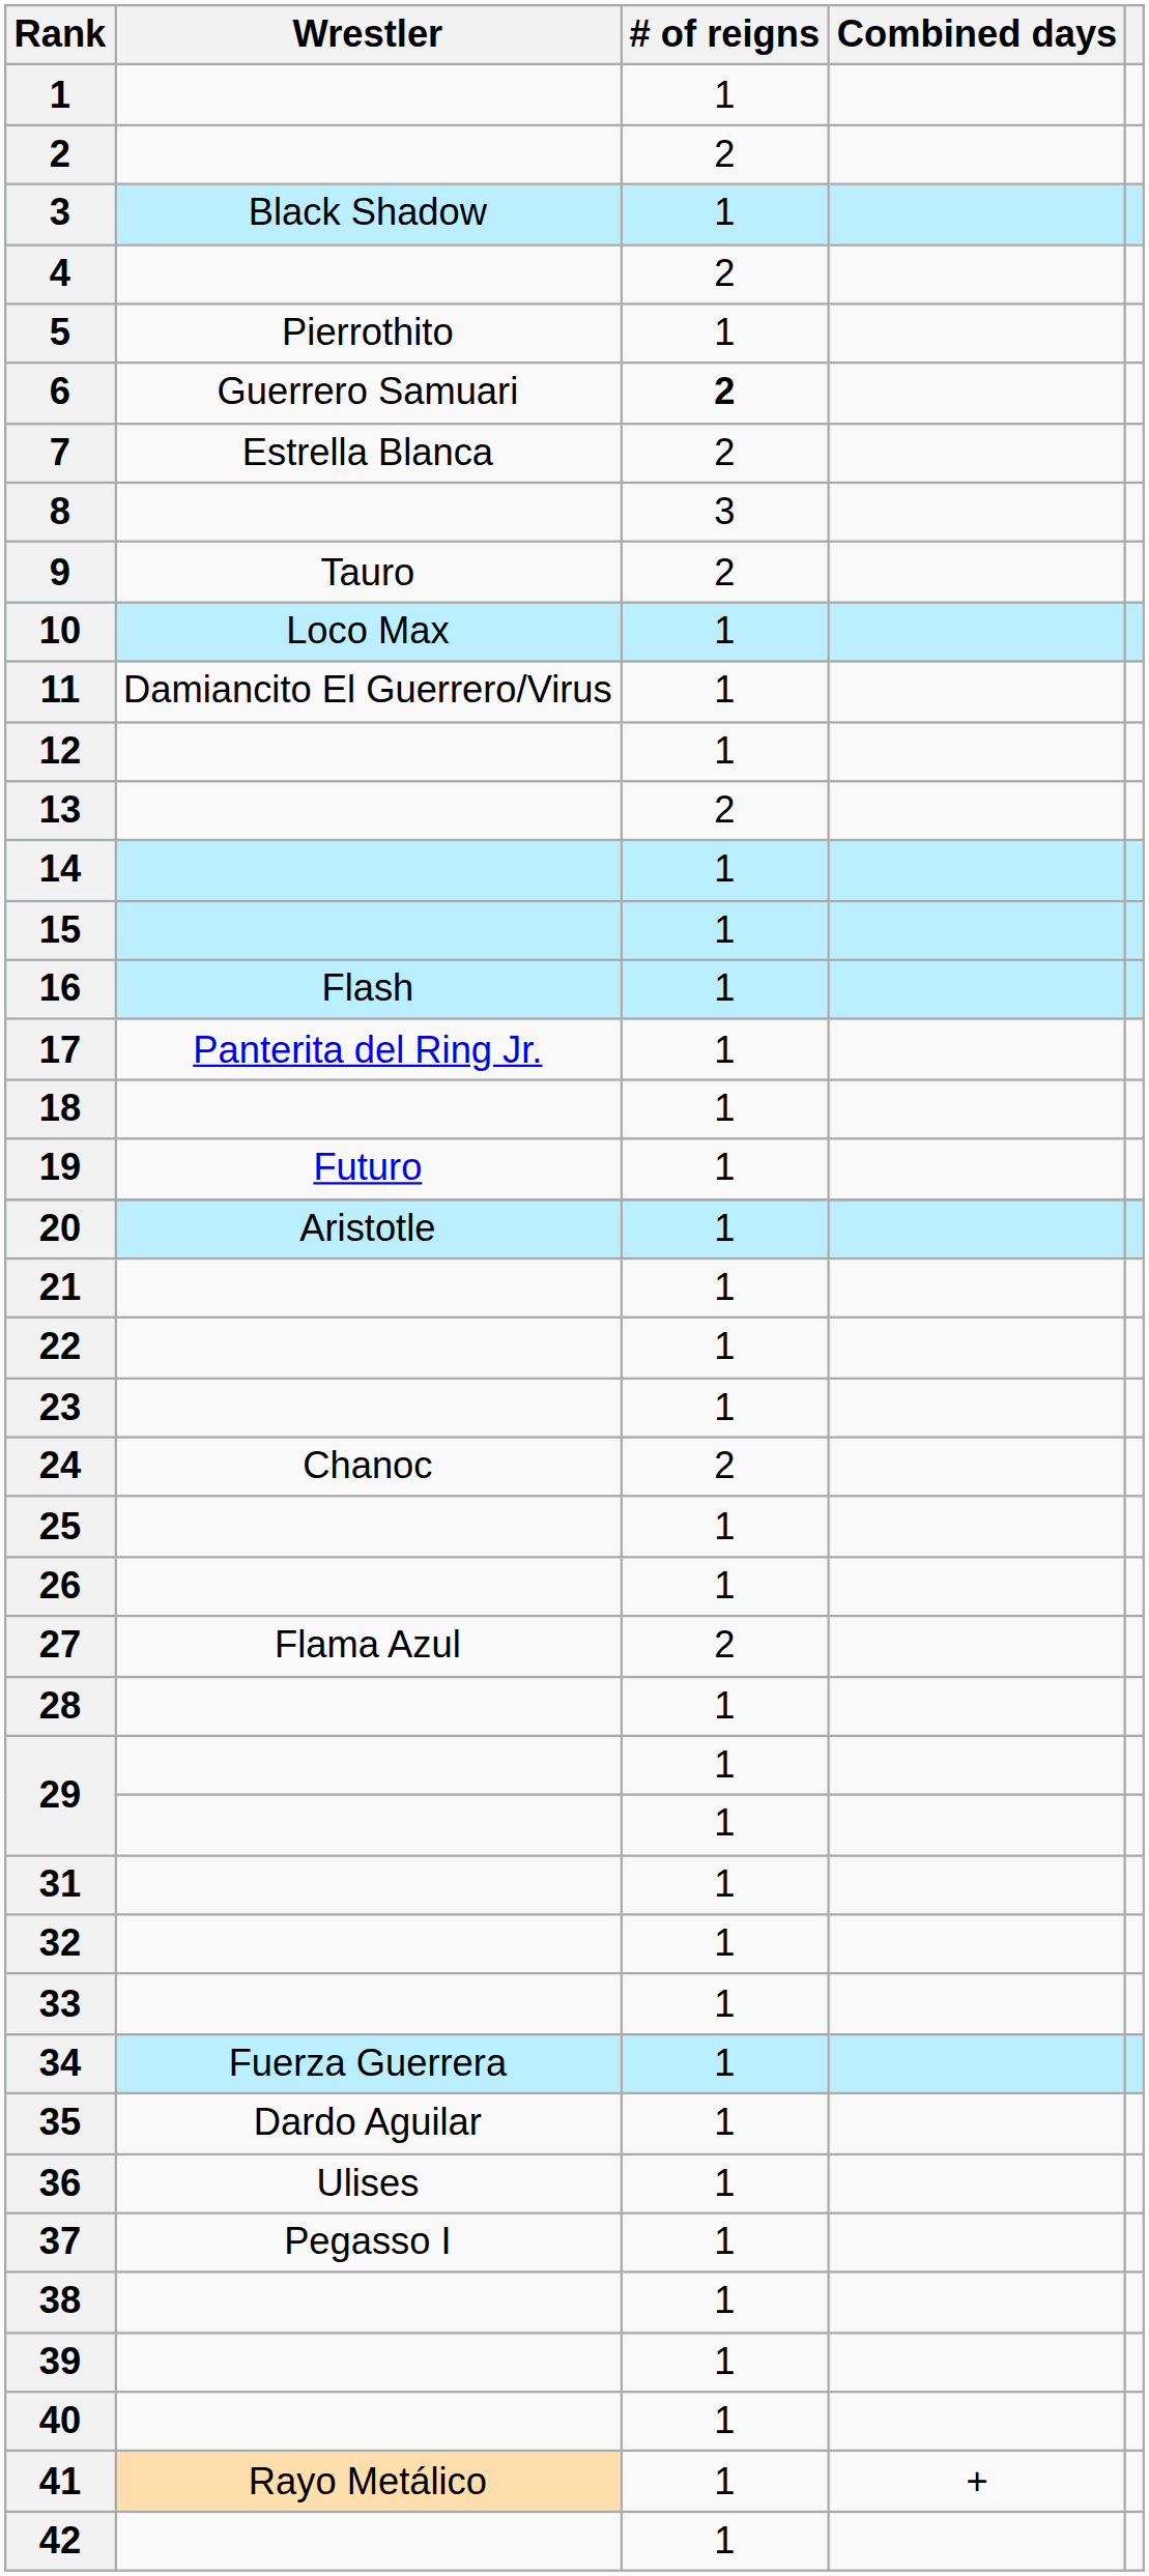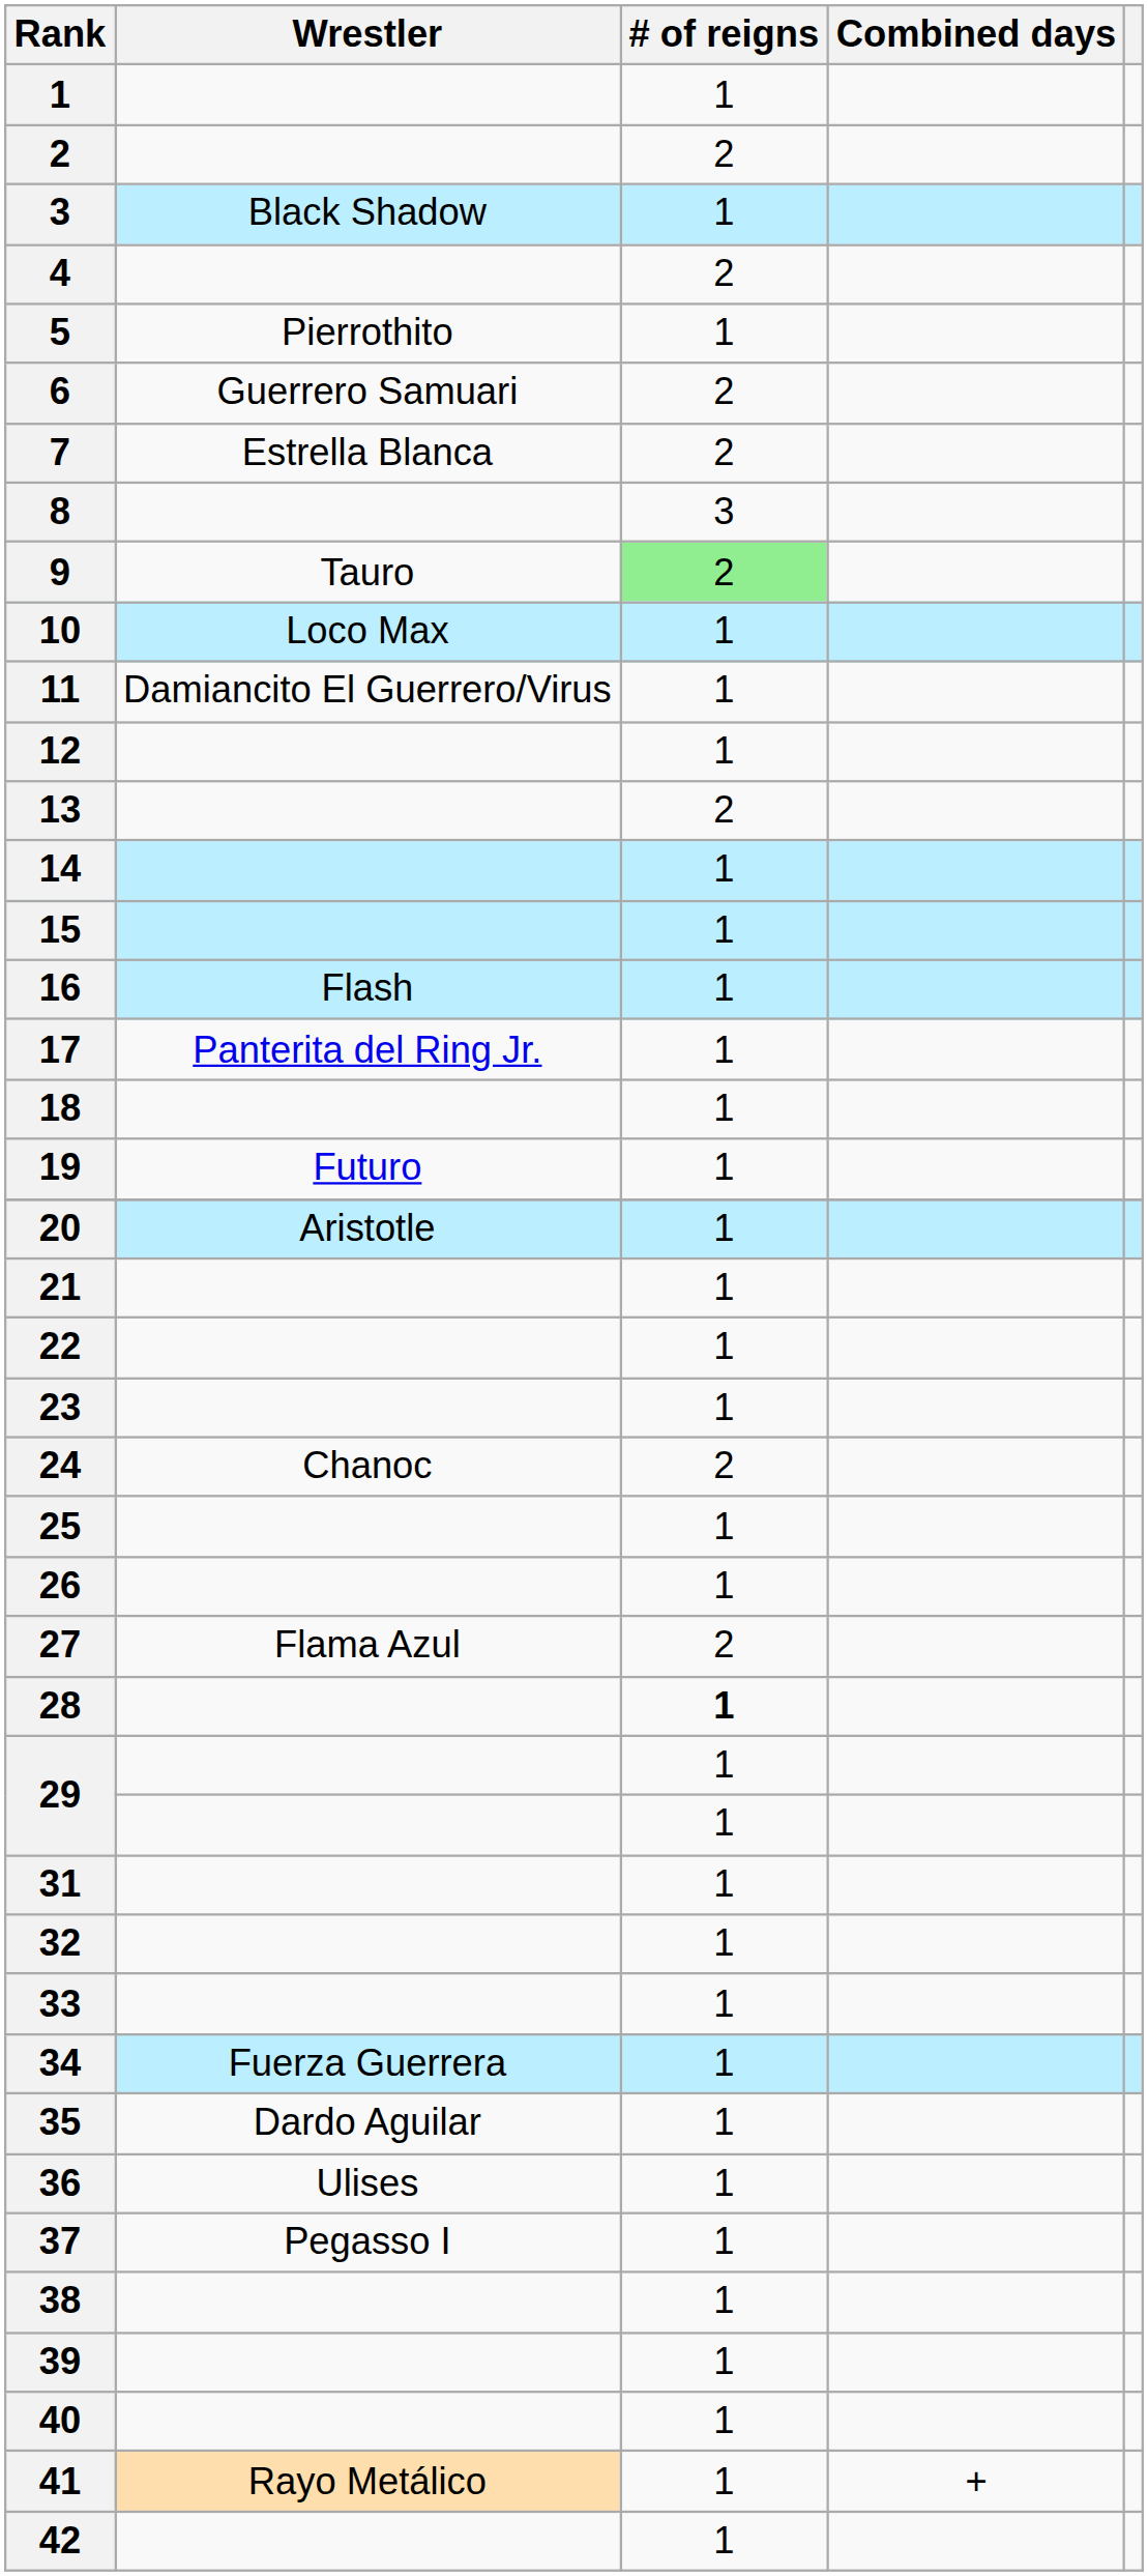 <table class="wikitable sortable" style="text-align: center">
 <tr>
 <th data-sort-type="number" scope="col">Rank</th>
 <th scope="col">Wrestler</th>
 <th data-sort-type="number" scope="col"># of reigns</th>
 <th data-sort-type="number" scope="col">Combined days</th>
 <th class="unsortable" scope="col"></th>
 </tr>
 <tr>
 <th scope="row">1</th>
 <td></td>
 <td>1</td>
 <td></td>
 <td></td>
 </tr>
 <tr>
 <th scope="row">2</th>
 <td></td>
 <td>2</td>
 <td></td>
 <td></td>
 </tr>
 <tr style="background-color:#bbeeff">
 <th scope="row">3</th>
 <td>Black Shadow</td>
 <td>1</td>
 <td></td>
 <td></td>
 </tr>
 <tr>
 <th scope="row">4</th>
 <td></td>
 <td>2</td>
 <td></td>
 <td></td>
 </tr>
 <tr>
 <th scope="row">5</th>
 <td>Pierrothito</td>
 <td>1</td>
 <td></td>
 <td></td>
 </tr>
 <tr>
 <th scope="row">6</th>
 <td>Guerrero Samuari</td>
-<td><strong>2</strong></td>
+<td>2</td>
 <td></td>
 <td></td>
 </tr>
 <tr>
 <th scope="row">7</th>
 <td>Estrella Blanca</td>
 <td>2</td>
 <td></td>
 <td></td>
 </tr>
 <tr>
 <th scope="row">8</th>
 <td></td>
 <td>3</td>
 <td></td>
 <td></td>
 </tr>
 <tr>
 <th scope="row">9</th>
 <td>Tauro</td>
-<td>2</td>
+<td style="background: lightgreen;">2</td>
 <td></td>
 <td></td>
 </tr>
 <tr style="background-color:#bbeeff">
 <th scope="row">10</th>
 <td>Loco Max</td>
 <td>1</td>
 <td></td>
 <td></td>
 </tr>
 <tr>
 <th scope="row">11</th>
 <td>Damiancito El Guerrero/Virus</td>
 <td>1</td>
 <td></td>
 <td></td>
 </tr>
 <tr>
 <th scope="row">12</th>
 <td></td>
 <td>1</td>
 <td></td>
 <td></td>
 </tr>
 <tr>
 <th scope="row">13</th>
 <td></td>
 <td>2</td>
 <td></td>
 <td></td>
 </tr>
 <tr style="background-color:#bbeeff">
 <th scope="row">14</th>
 <td></td>
 <td>1</td>
 <td></td>
 <td></td>
 </tr>
 <tr style="background-color:#bbeeff">
 <th scope="row">15</th>
 <td></td>
 <td>1</td>
 <td></td>
 <td></td>
 </tr>
 <tr style="background-color:#bbeeff">
 <th scope="row">16</th>
 <td>Flash</td>
 <td>1</td>
 <td></td>
 <td></td>
 </tr>
 <tr>
 <th scope="row">17</th>
 <td><a href='#'>Panterita del Ring Jr.</a></td>
 <td>1</td>
 <td></td>
 <td></td>
 </tr>
 <tr>
 <th scope="row">18</th>
 <td></td>
 <td>1</td>
 <td></td>
 <td></td>
 </tr>
 <tr>
 <th scope="row">19</th>
 <td><a href='#'>Futuro</a></td>
 <td>1</td>
 <td></td>
 <td></td>
 </tr>
 <tr>
 </tr>
 <tr style="background-color:#bbeeff">
 <th scope="row">20</th>
 <td>Aristotle</td>
 <td>1</td>
 <td></td>
 <td></td>
 </tr>
 <tr>
 <th scope="row">21</th>
 <td></td>
 <td>1</td>
 <td></td>
 <td></td>
 </tr>
 <tr>
 <th scope="row">22</th>
 <td></td>
 <td>1</td>
 <td></td>
 <td></td>
 </tr>
 <tr>
 <th scope="row">23</th>
 <td></td>
 <td>1</td>
 <td></td>
 <td></td>
 </tr>
 <tr>
 <th scope="row">24</th>
 <td>Chanoc</td>
 <td>2</td>
 <td></td>
 <td></td>
 </tr>
 <tr>
 <th scope="row">25</th>
 <td></td>
 <td>1</td>
 <td></td>
 <td></td>
 </tr>
 <tr>
 <th scope="row">26</th>
 <td></td>
 <td>1</td>
 <td></td>
 <td></td>
 </tr>
 <tr>
 <th scope="row">27</th>
 <td>Flama Azul</td>
 <td>2</td>
 <td></td>
 <td></td>
 </tr>
 <tr>
 <th scope="row">28</th>
 <td></td>
-<td>1</td>
+<td><strong>1</strong></td>
 <td></td>
 <td></td>
 </tr>
 <tr>
 <th rowspan=2 scope="row">29</th>
 <td></td>
 <td>1</td>
 <td></td>
 <td></td>
 </tr>
 <tr>
 <td></td>
 <td>1</td>
 <td></td>
 <td></td>
 </tr>
 <tr>
 <th scope="row">31</th>
 <td></td>
 <td>1</td>
 <td></td>
 <td></td>
 </tr>
 <tr>
 <th scope="row">32</th>
 <td></td>
 <td>1</td>
 <td></td>
 <td></td>
 </tr>
 <tr>
 <th scope="row">33</th>
 <td></td>
 <td>1</td>
 <td></td>
 <td></td>
 </tr>
 <tr style="background-color:#bbeeff">
 <th scope="row">34</th>
 <td>Fuerza Guerrera</td>
 <td>1</td>
 <td></td>
 <td></td>
 </tr>
 <tr>
 <th scope="row">35</th>
 <td>Dardo Aguilar</td>
 <td>1</td>
 <td></td>
 <td></td>
 </tr>
 <tr>
 <th scope="row">36</th>
 <td>Ulises</td>
 <td>1</td>
 <td></td>
 <td></td>
 </tr>
 <tr>
 <th scope="row">37</th>
 <td>Pegasso I</td>
 <td>1</td>
 <td></td>
 <td></td>
 </tr>
 <tr>
 <th scope="row">38</th>
 <td></td>
 <td>1</td>
 <td></td>
 <td></td>
 </tr>
 <tr>
 <th scope="row">39</th>
 <td></td>
 <td>1</td>
 <td></td>
 <td></td>
 </tr>
 <tr>
 <th scope="row">40</th>
 <td></td>
 <td>1</td>
 <td></td>
 <td></td>
 </tr>
 <tr>
 <th scope="row">41</th>
 <td style="background: #ffdead;">Rayo Metálico</td>
 <td>1</td>
 <td>+</td>
 <td></td>
 </tr>
 <tr>
 <th scope="row">42</th>
 <td></td>
 <td>1</td>
 <td></td>
 <td></td>
 </tr>
 </table>
